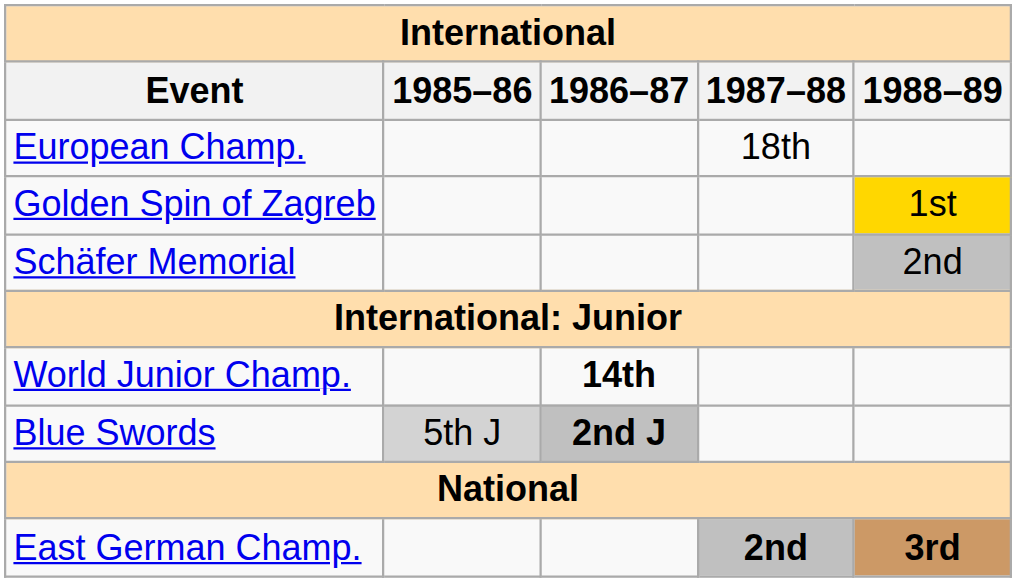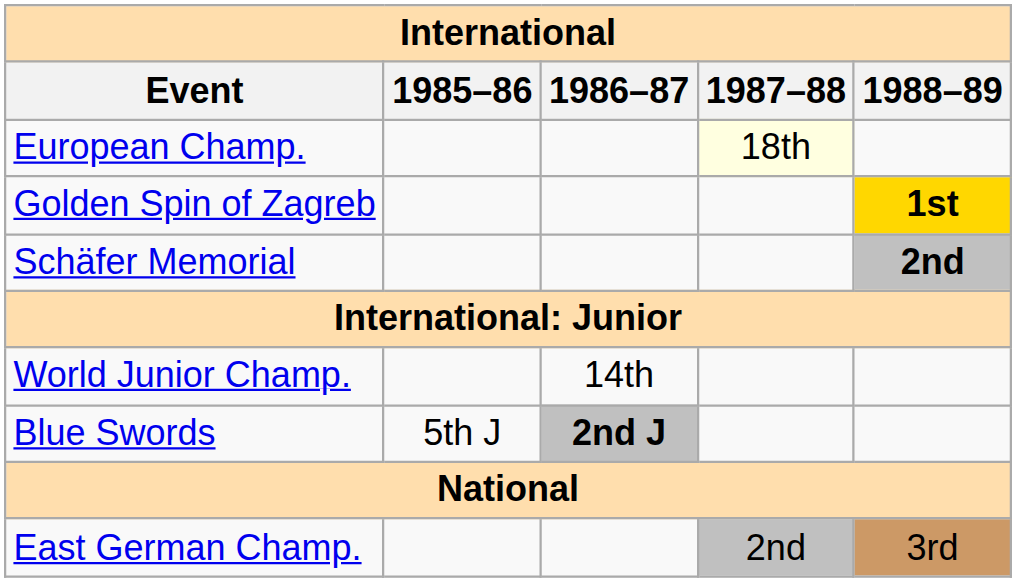 <table class="wikitable" style="text-align:center">
 <tr>
 <th style="background-color: #ffdead; " colspan=5 align=center>International</th>
 </tr>
 <tr>
 <th>Event</th>
 <th>1985–86</th>
 <th>1986–87</th>
 <th>1987–88</th>
 <th>1988–89</th>
 </tr>
 <tr>
 <td align=left><a href='#'>European Champ.</a></td>
 <td></td>
 <td></td>
-<td>18th</td>
+<td style="background: lightyellow;">18th</td>
 <td></td>
 </tr>
 <tr>
 <td align=left><a href='#'>Golden Spin of Zagreb</a></td>
 <td></td>
 <td></td>
 <td></td>
-<td bgcolor=gold>1st</td>
+<td bgcolor=gold><strong>1st</strong></td>
 </tr>
 <tr>
 <td align=left><a href='#'>Schäfer Memorial</a></td>
 <td></td>
 <td></td>
 <td></td>
-<td bgcolor=silver>2nd</td>
+<td bgcolor=silver><strong>2nd</strong></td>
 </tr>
 <tr>
 <th style="background-color: #ffdead; " colspan=5 align=center>International: Junior</th>
 </tr>
 <tr>
 <td align=left><a href='#'>World Junior Champ.</a></td>
 <td></td>
-<td><strong>14th</strong></td>
+<td>14th</td>
 <td></td>
 <td></td>
 </tr>
 <tr>
 <td align=left><a href='#'>Blue Swords</a></td>
-<td style="background: lightgrey;">5th J</td>
+<td>5th J</td>
 <td bgcolor=silver><strong>2nd J</strong></td>
 <td></td>
 <td></td>
 </tr>
 <tr>
 <th style="background-color: #ffdead; " colspan=5 align=center>National</th>
 </tr>
 <tr>
 <td align=left><a href='#'>East German Champ.</a></td>
 <td></td>
 <td></td>
-<td bgcolor=silver><strong>2nd</strong></td>
-<td bgcolor=cc9966><strong>3rd</strong></td>
+<td bgcolor=silver>2nd</td>
+<td bgcolor=cc9966>3rd</td>
 </tr>
 </table>
